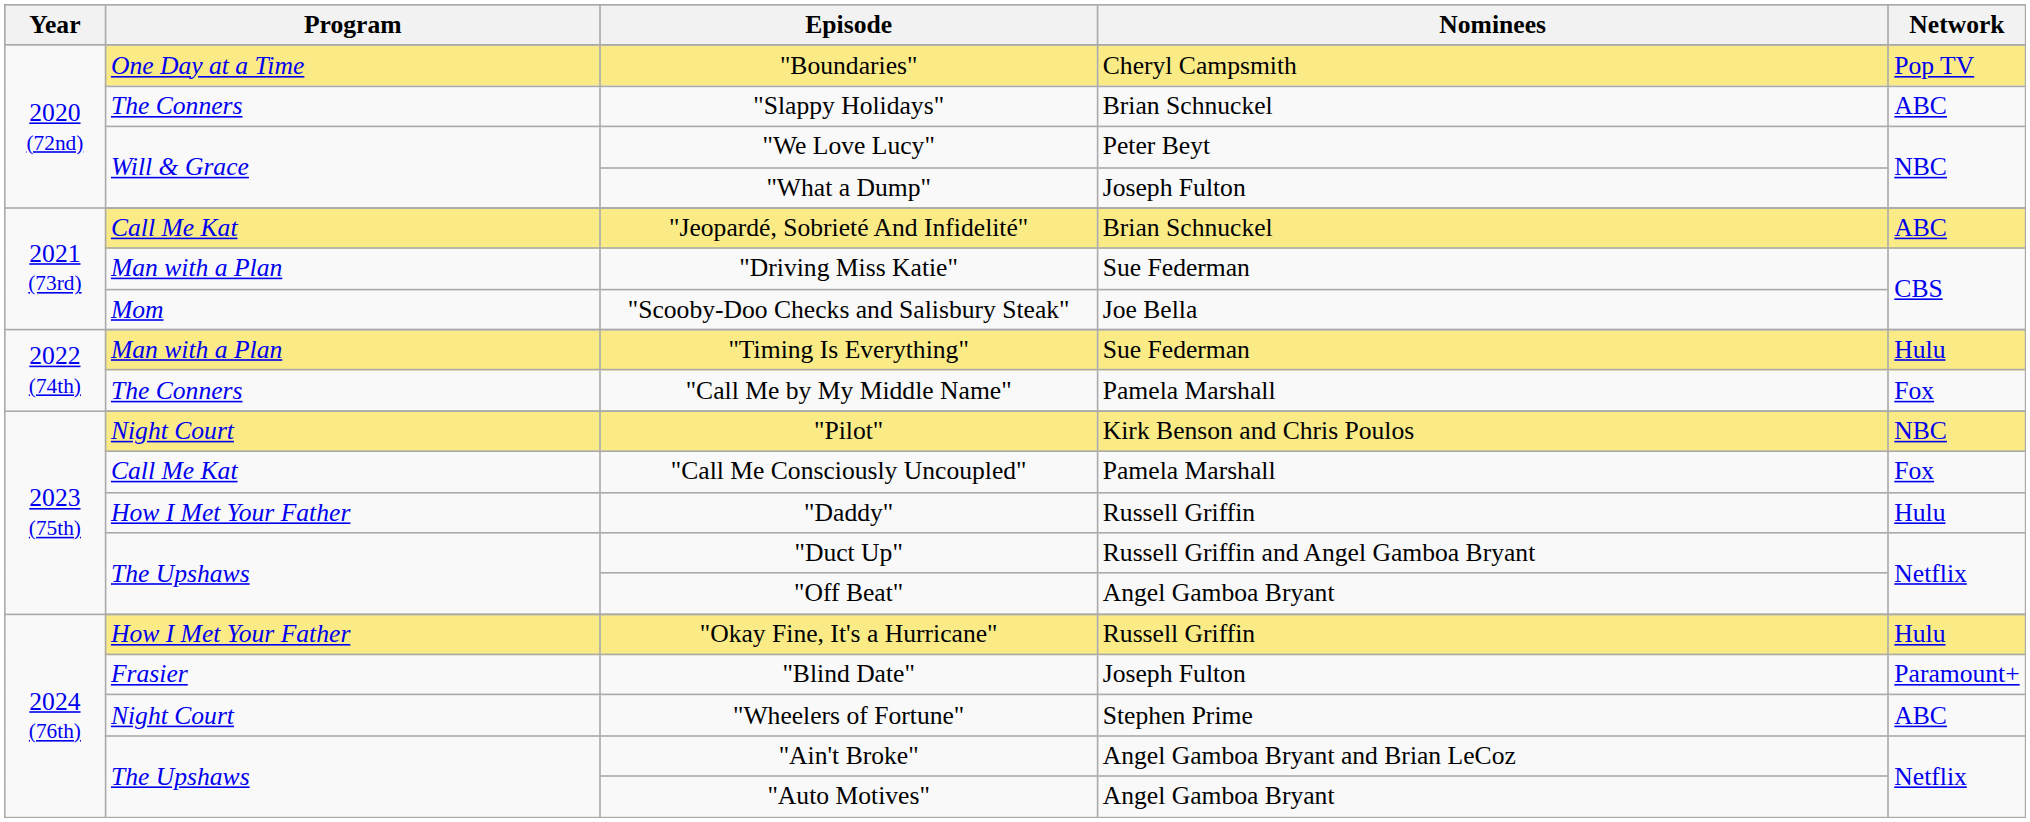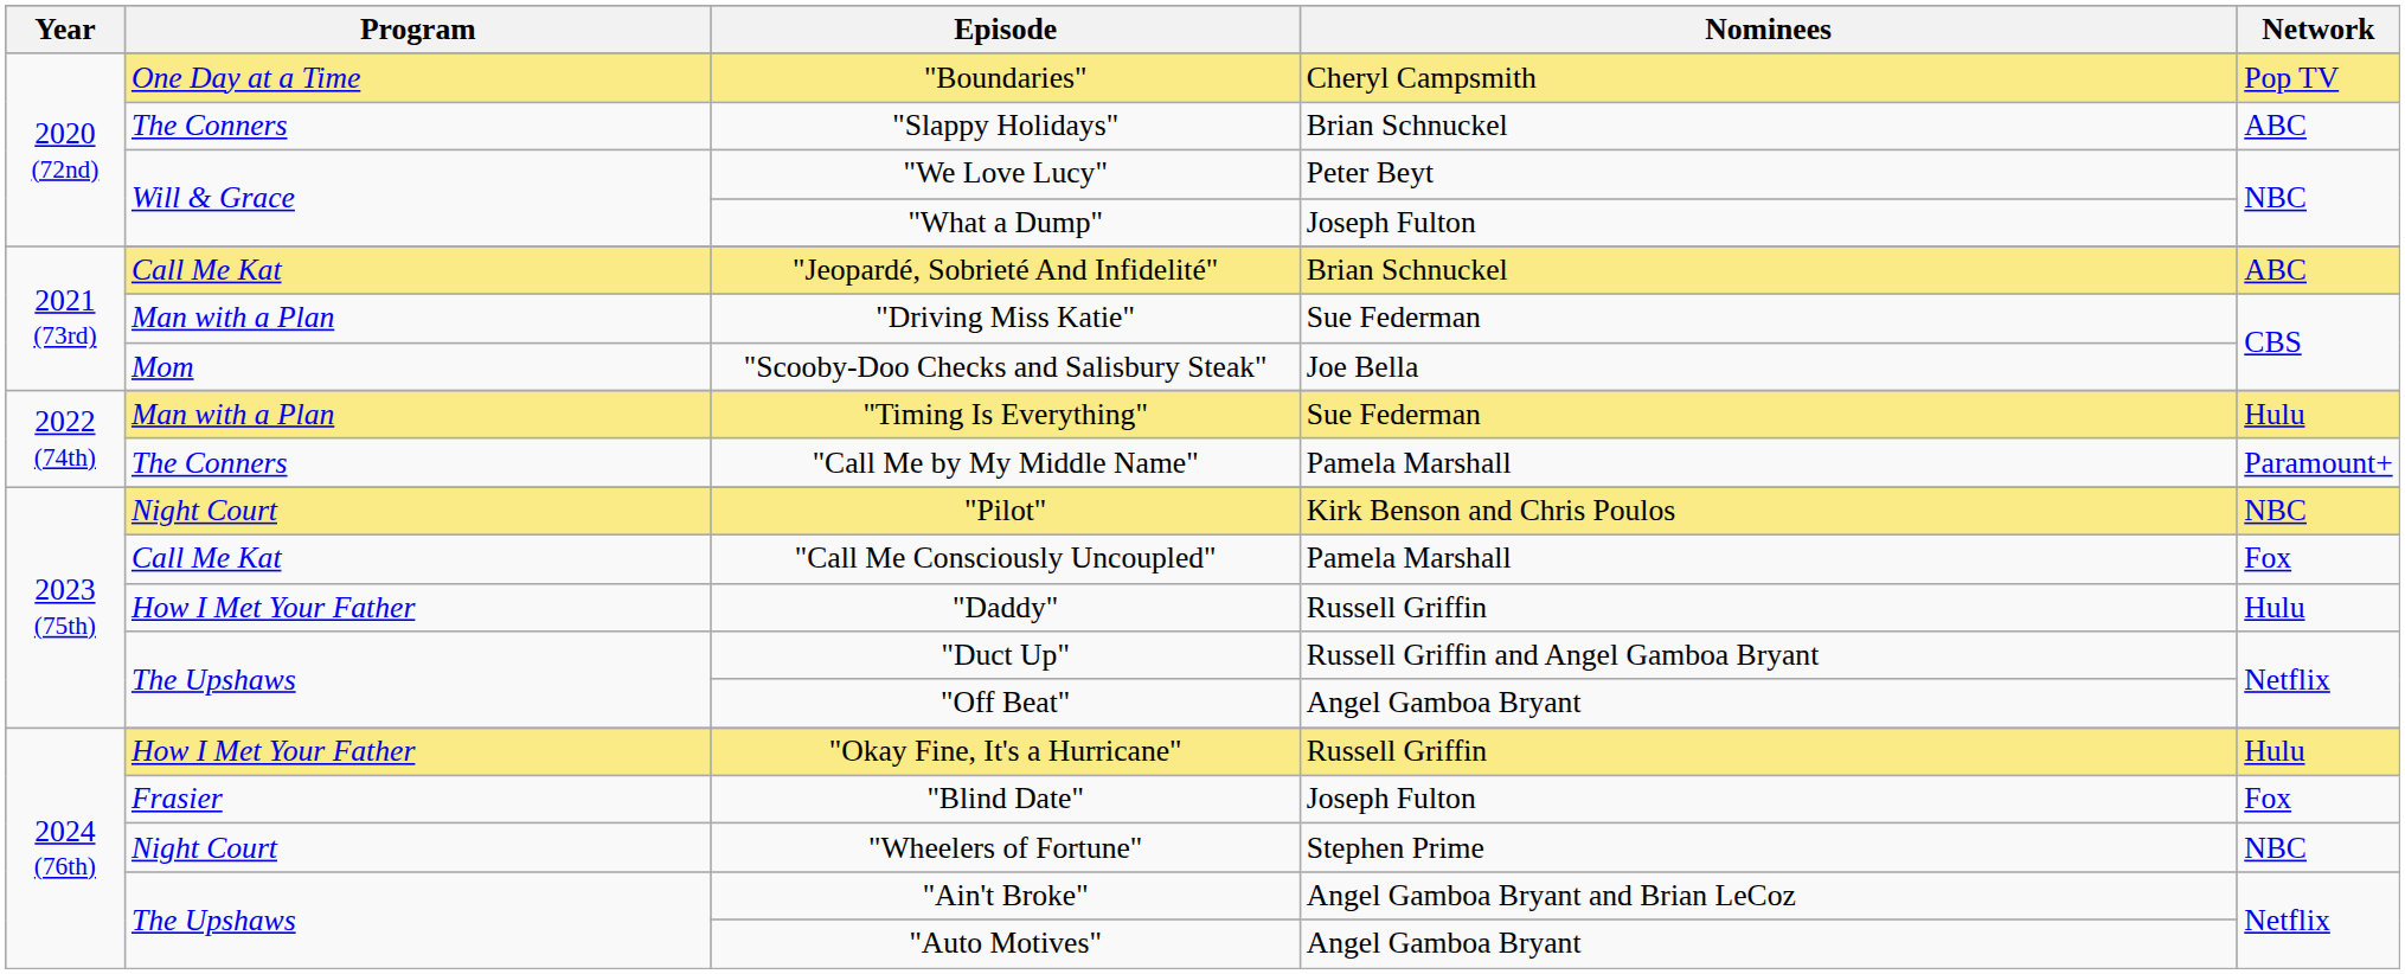 <table class="wikitable" style="width:100%">
 <tr style="background:#bebebe;">
 <th style="width:5%;">Year</th>
 <th style="width:25%;">Program</th>
 <th style="width:25%;">Episode</th>
 <th style="width:40%;">Nominees</th>
 <th style="width:5%;">Network</th>
 </tr>
 <tr>
 <td rowspan=5 style="text-align:center;"><a href='#'>2020</a><br><small><a href='#'>(72nd)</a></small><br></td>
 </tr>
 <tr style="background:#FAEB86;">
 <td><em><a href='#'>One Day at a Time</a></em></td>
 <td align=center>"Boundaries"</td>
 <td>Cheryl Campsmith</td>
 <td><a href='#'>Pop TV</a></td>
 </tr>
 <tr>
 <td><em><a href='#'>The Conners</a></em></td>
 <td align=center>"Slappy Holidays"</td>
 <td>Brian Schnuckel</td>
 <td><a href='#'>ABC</a></td>
 </tr>
 <tr>
 <td rowspan=2><em><a href='#'>Will & Grace</a></em></td>
 <td align=center>"We Love Lucy"</td>
 <td>Peter Beyt</td>
 <td rowspan=2><a href='#'>NBC</a></td>
 </tr>
 <tr>
 <td align=center>"What a Dump"</td>
 <td>Joseph Fulton</td>
 </tr>
 <tr>
 <td rowspan=4 style="text-align:center;"><a href='#'>2021</a><br><small><a href='#'>(73rd)</a></small><br></td>
 </tr>
 <tr style="background:#FAEB86;">
 <td><em><a href='#'>Call Me Kat</a></em></td>
 <td align=center>"Jeopardé, Sobrieté And Infidelité"</td>
 <td>Brian Schnuckel</td>
 <td><a href='#'>ABC</a></td>
 </tr>
 <tr>
 <td><em><a href='#'>Man with a Plan</a></em></td>
 <td align=center>"Driving Miss Katie"</td>
 <td>Sue Federman</td>
 <td rowspan=2><a href='#'>CBS</a></td>
 </tr>
 <tr>
 <td><em><a href='#'>Mom</a></em></td>
 <td align=center>"Scooby-Doo Checks and Salisbury Steak"</td>
 <td>Joe Bella</td>
 </tr>
 <tr>
 <td rowspan=3 style="text-align:center;"><a href='#'>2022</a><br><small><a href='#'>(74th)</a></small><br></td>
 </tr>
 <tr style="background:#FAEB86;">
 <td><em><a href='#'>Man with a Plan</a></em></td>
 <td align=center>"Timing Is Everything"</td>
 <td>Sue Federman</td>
 <td><a href='#'>Hulu</a></td>
 </tr>
 <tr>
 <td><em><a href='#'>The Conners</a></em></td>
 <td align=center>"Call Me by My Middle Name"</td>
 <td>Pamela Marshall</td>
-<td><a href='#'>Fox</a></td>
+<td><a href='#'>Paramount+</a></td>
 </tr>
 <tr>
 <td rowspan=6 style="text-align:center;"><a href='#'>2023</a><br><small><a href='#'>(75th)</a></small><br></td>
 </tr>
 <tr style="background:#FAEB86;">
 <td><em><a href='#'>Night Court</a></em></td>
 <td align=center>"Pilot"</td>
 <td>Kirk Benson and Chris Poulos</td>
 <td><a href='#'>NBC</a></td>
 </tr>
 <tr>
 <td><em><a href='#'>Call Me Kat</a></em></td>
 <td align=center>"Call Me Consciously Uncoupled"</td>
 <td>Pamela Marshall</td>
 <td><a href='#'>Fox</a></td>
 </tr>
 <tr>
 <td><em><a href='#'>How I Met Your Father</a></em></td>
 <td align=center>"Daddy"</td>
 <td>Russell Griffin</td>
 <td><a href='#'>Hulu</a></td>
 </tr>
 <tr>
 <td rowspan="2"><em><a href='#'>The Upshaws</a></em></td>
 <td align=center>"Duct Up"</td>
 <td>Russell Griffin and Angel Gamboa Bryant</td>
 <td rowspan="2"><a href='#'>Netflix</a></td>
 </tr>
 <tr>
 <td align=center>"Off Beat"</td>
 <td>Angel Gamboa Bryant</td>
 </tr>
 <tr>
 <td rowspan=6 style="text-align:center;"><a href='#'>2024</a><br><small><a href='#'>(76th)</a></small><br></td>
 </tr>
 <tr style="background:#FAEB86;">
 <td><em><a href='#'>How I Met Your Father</a></em></td>
 <td align=center>"Okay Fine, It's a Hurricane"</td>
 <td>Russell Griffin</td>
 <td><a href='#'>Hulu</a></td>
 </tr>
 <tr>
 <td><em><a href='#'>Frasier</a></em></td>
 <td align=center>"Blind Date"</td>
 <td>Joseph Fulton</td>
-<td><a href='#'>Paramount+</a></td>
+<td><a href='#'>Fox</a></td>
 </tr>
 <tr>
 <td><em><a href='#'>Night Court</a></em></td>
 <td align=center>"Wheelers of Fortune"</td>
 <td>Stephen Prime</td>
-<td><a href='#'>ABC</a></td>
+<td><a href='#'>NBC</a></td>
 </tr>
 <tr>
 <td rowspan="2"><em><a href='#'>The Upshaws</a></em></td>
 <td align=center>"Ain't Broke"</td>
 <td>Angel Gamboa Bryant and Brian LeCoz</td>
 <td rowspan="2"><a href='#'>Netflix</a></td>
 </tr>
 <tr>
 <td align=center>"Auto Motives"</td>
 <td>Angel Gamboa Bryant</td>
 </tr>
 </table>
